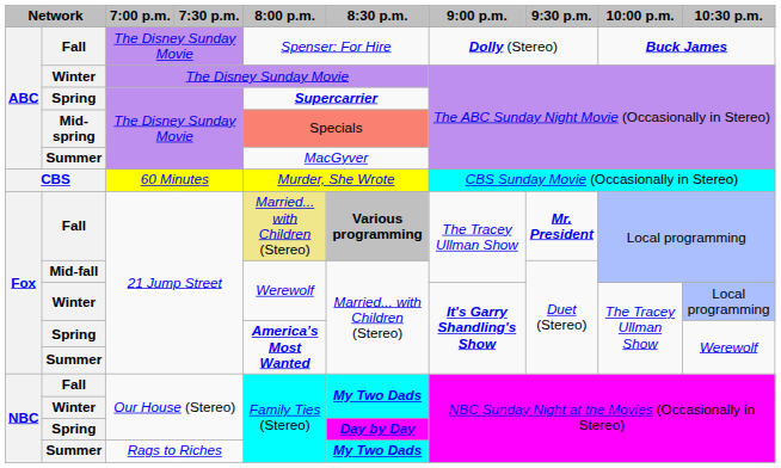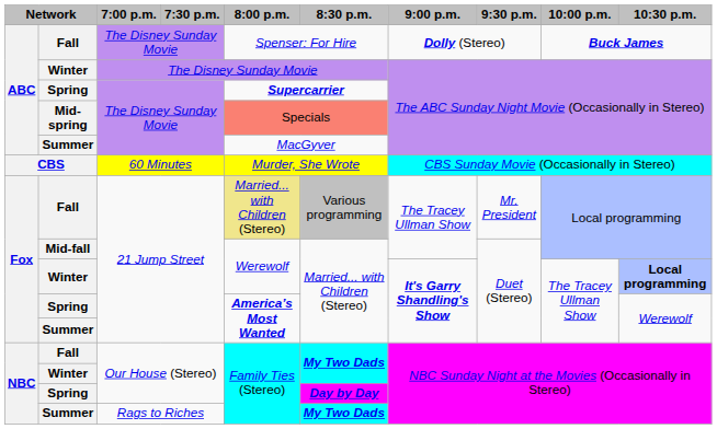 <table class="wikitable" style="width:100%;margin-right:0;text-align:center">
 <tr>
 <th colspan="2" style="background-color:#C0C0C0;text-align:center">Network</th>
 <th style="background-color:#C0C0C0;text-align:center">7:00 p.m.</th>
 <th style="background-color:#C0C0C0;text-align:center">7:30 p.m.</th>
 <th style="background-color:#C0C0C0;text-align:center">8:00 p.m.</th>
 <th style="background-color:#C0C0C0;text-align:center">8:30 p.m.</th>
 <th style="background-color:#C0C0C0;text-align:center">9:00 p.m.</th>
 <th style="background-color:#C0C0C0;text-align:center">9:30 p.m.</th>
 <th style="background-color:#C0C0C0;text-align:center">10:00 p.m.</th>
 <th style="background-color:#C0C0C0;text-align:center">10:30 p.m.</th>
 </tr>
 <tr>
 <th rowspan="5"><a href='#'>ABC</a></th>
 <th>Fall</th>
 <td colspan="2" style="background:#bf8fef;"><em><a href='#'>The Disney Sunday Movie</a></em></td>
 <td colspan="2"><em><a href='#'>Spenser: For Hire</a></em></td>
 <td colspan="2"><strong><em><a href='#'>Dolly</a></em></strong> (Stereo)</td>
 <td colspan="2"><strong><em><a href='#'>Buck James</a></em></strong></td>
 </tr>
 <tr>
 <th>Winter</th>
 <td colspan="4" style="background:#bf8fef;"><em><a href='#'>The Disney Sunday Movie</a></em></td>
 <td rowspan="4" colspan="4" style="background:#bf8fef;"><em><a href='#'>The ABC Sunday Night Movie</a></em> (Occasionally in Stereo)</td>
 </tr>
 <tr>
 <th>Spring</th>
 <td rowspan="3" colspan="2" style="background:#bf8fef;"><em><a href='#'>The Disney Sunday Movie</a></em></td>
 <td colspan="2"><strong><em><a href='#'>Supercarrier</a></em></strong></td>
 </tr>
 <tr>
 <th>Mid-spring</th>
 <td colspan="2" style="background:#FA8072;">Specials</td>
 </tr>
 <tr>
 <th>Summer</th>
 <td colspan="2"><em><a href='#'>MacGyver</a></em></td>
 </tr>
 <tr>
 <th colspan="2"><a href='#'>CBS</a></th>
 <td style="background:#FFFF00;" colspan="2"><em><a href='#'>60 Minutes</a></em> </td>
 <td style="background:#FFFF00;" colspan="2"><em><a href='#'>Murder, She Wrote</a></em> </td>
 <td style="background:#00FFFF;" colspan="4"><em><a href='#'>CBS Sunday Movie</a></em> (Occasionally in Stereo) </td>
 </tr>
 <tr>
 <th rowspan="5"><a href='#'>Fox</a></th>
 <th>Fall</th>
 <td rowspan="5" colspan="2"><em><a href='#'>21 Jump Street</a></em></td>
 <td style="background: khaki;"><em><a href='#'>Married... with Children</a></em><br>(Stereo)</td>
-<td style="background:#C0C0C0;"><strong>Various programming</strong></td>
+<td style="background:#C0C0C0;">Various programming</td>
 <td rowspan="2"><em><a href='#'>The Tracey Ullman Show</a></em></td>
-<td><strong><em><a href='#'>Mr. President</a></em></strong></td>
+<td><em><a href='#'>Mr. President</a></em></td>
 <td style="background:#abbfff;" rowspan="2" colspan="2">Local programming</td>
 </tr>
 <tr>
 <th>Mid-fall</th>
 <td rowspan="2"><em><a href='#'>Werewolf</a></em></td>
 <td rowspan="4"><em><a href='#'>Married... with Children</a></em><br>(Stereo)</td>
 <td rowspan="4"><em><a href='#'>Duet</a></em><br>(Stereo)</td>
 </tr>
 <tr>
 <th>Winter</th>
 <td rowspan="3"><strong><em><a href='#'>It's Garry Shandling's Show</a></em></strong></td>
 <td rowspan="3"><em><a href='#'>The Tracey Ullman Show</a></em></td>
-<td style="background:#abbfff;">Local programming</td>
+<td style="background:#abbfff;"><strong>Local programming</strong></td>
 </tr>
 <tr>
 <th>Spring</th>
 <td rowspan="2"><strong><em><a href='#'>America’s Most Wanted</a></em></strong></td>
 <td rowspan="2"><em><a href='#'>Werewolf</a></em></td>
 </tr>
 <tr>
 <th>Summer</th>
 </tr>
 <tr>
 <th rowspan="4"><a href='#'>NBC</a></th>
 <th>Fall</th>
 <td rowspan="3" colspan="2"><em><a href='#'>Our House</a></em> (Stereo)</td>
 <td style="background:#00FFFF;" rowspan="4"><em><a href='#'>Family Ties</a></em> (Stereo)<br></td>
 <td rowspan="2" style="background:#00FFFF;"><strong><em><a href='#'>My Two Dads</a></em></strong> </td>
 <td style="background:#FF00FF;" rowspan="4" colspan="4"><em><a href='#'>NBC Sunday Night at the Movies</a></em> (Occasionally in Stereo) </td>
 </tr>
 <tr>
 <th>Winter</th>
 </tr>
 <tr>
 <th>Spring</th>
 <td style="background:#FF00FF;"><strong><em><a href='#'>Day by Day</a></em></strong> </td>
 </tr>
 <tr>
 <th>Summer</th>
 <td colspan="2"><em><a href='#'>Rags to Riches</a></em></td>
 <td style="background:#00FFFF;"><strong><em><a href='#'>My Two Dads</a></em></strong> </td>
 </tr>
 </table>
